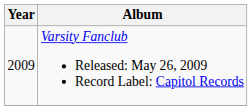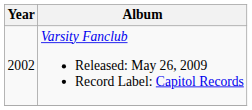 <table class="wikitable" style="text-align:center;">
 <tr>
 <th>Year</th>
 <th>Album</th>
 </tr>
 <tr>
-<td>2009</td>
+<td>2002</td>
 <td align="left"><em><a href='#'>Varsity Fanclub</a></em><br><ul><li>Released: May 26, 2009</li><li>Record Label: <a href='#'>Capitol Records</a></li></ul></td>
 </tr>
 <tr>
 </tr>
 </table>
